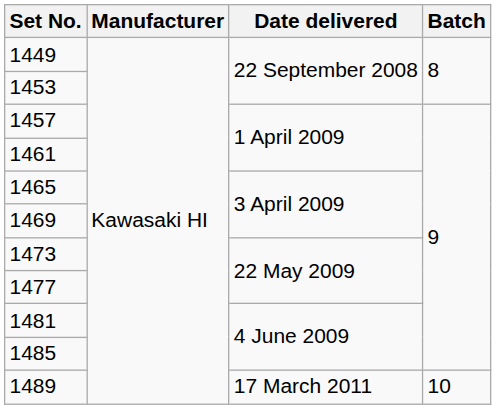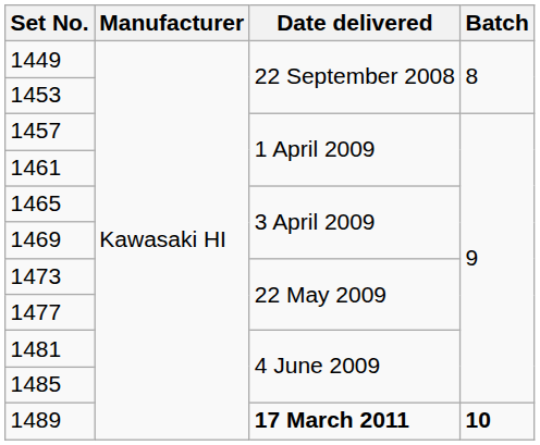 <table class="wikitable">
 <tr>
 <th>Set No.</th>
 <th>Manufacturer</th>
 <th>Date delivered</th>
 <th>Batch</th>
 </tr>
 <tr>
 <td>1449</td>
 <td rowspan="11">Kawasaki HI</td>
 <td rowspan="2">22 September 2008</td>
 <td rowspan="2">8</td>
 </tr>
 <tr>
 <td>1453</td>
 </tr>
 <tr>
 <td>1457</td>
 <td rowspan="2">1 April 2009</td>
 <td rowspan="8">9</td>
 </tr>
 <tr>
 <td>1461</td>
 </tr>
 <tr>
 <td>1465</td>
 <td rowspan="2">3 April 2009</td>
 </tr>
 <tr>
 <td>1469</td>
 </tr>
 <tr>
 <td>1473</td>
 <td rowspan="2">22 May 2009</td>
 </tr>
 <tr>
 <td>1477</td>
 </tr>
 <tr>
 <td>1481</td>
 <td rowspan="2">4 June 2009</td>
 </tr>
 <tr>
 <td>1485</td>
 </tr>
 <tr>
 <td>1489</td>
-<td>17 March 2011</td>
-<td>10</td>
+<td><strong>17 March 2011</strong></td>
+<td><strong>10</strong></td>
 </tr>
 </table>
